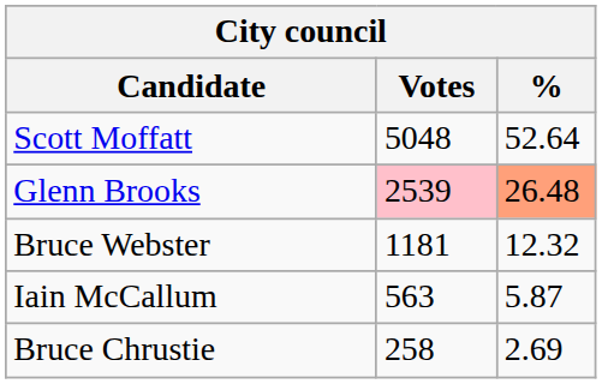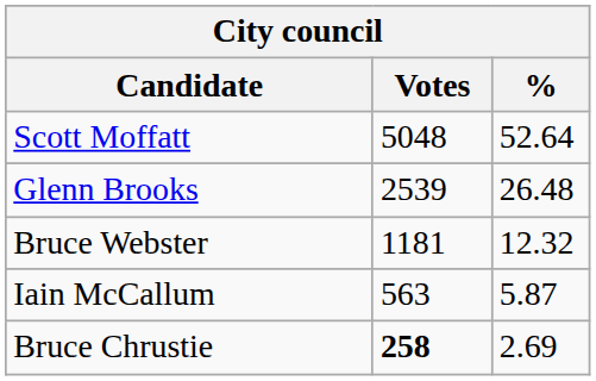 <table class="wikitable">
 <tr>
 <th colspan="3">City council</th>
 </tr>
 <tr>
 <th style="width: 170px">Candidate</th>
 <th style="width: 50px">Votes</th>
 <th style="width: 40px">%</th>
 </tr>
 <tr>
 <td><a href='#'>Scott Moffatt</a></td>
 <td>5048</td>
 <td>52.64</td>
 </tr>
 <tr>
 <td><a href='#'>Glenn Brooks</a></td>
-<td style="background: pink;">2539</td>
-<td style="background: lightsalmon;">26.48</td>
+<td>2539</td>
+<td>26.48</td>
 </tr>
 <tr>
 <td>Bruce Webster</td>
 <td>1181</td>
 <td>12.32</td>
 </tr>
 <tr>
 <td>Iain McCallum</td>
 <td>563</td>
 <td>5.87</td>
 </tr>
 <tr>
 <td>Bruce Chrustie</td>
-<td>258</td>
+<td><strong>258</strong></td>
 <td>2.69</td>
 </tr>
 </table>
